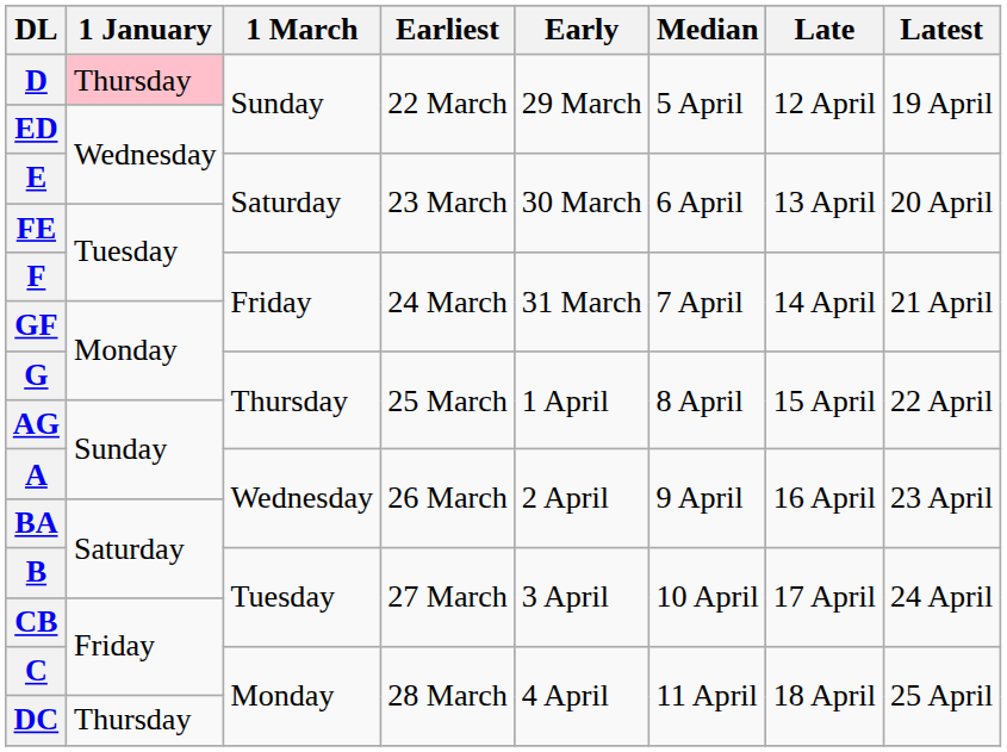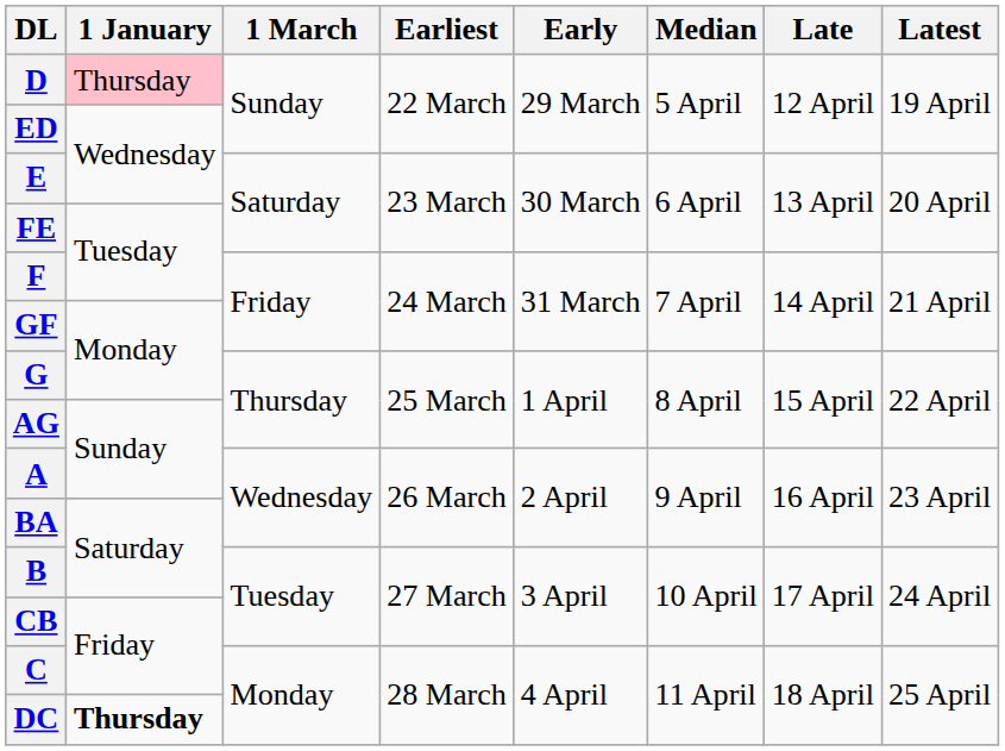 <table class="wikitable">
 <tr>
 <th title="Dominical letter">DL</th>
 <th>1 January</th>
 <th>1 March</th>
 <th>Earliest</th>
 <th>Early</th>
 <th>Median</th>
 <th>Late</th>
 <th>Latest</th>
 </tr>
 <tr>
 <th><a href='#'>D</a></th>
 <td style="background: pink;">Thursday</td>
 <td rowspan=2>Sunday</td>
 <td rowspan=2>22 March</td>
 <td rowspan=2>29 March</td>
 <td rowspan=2>5 April</td>
 <td rowspan=2>12 April</td>
 <td rowspan=2>19 April</td>
 </tr>
 <tr>
 <th><a href='#'>ED</a></th>
 <td rowspan=2>Wednesday</td>
 </tr>
 <tr>
 <th><a href='#'>E</a></th>
 <td rowspan=2>Saturday</td>
 <td rowspan=2>23 March</td>
 <td rowspan=2>30 March</td>
 <td rowspan=2>6 April</td>
 <td rowspan=2>13 April</td>
 <td rowspan=2>20 April</td>
 </tr>
 <tr>
 <th><a href='#'>FE</a></th>
 <td rowspan=2>Tuesday</td>
 </tr>
 <tr>
 <th><a href='#'>F</a></th>
 <td rowspan=2>Friday</td>
 <td rowspan=2>24 March</td>
 <td rowspan=2>31 March</td>
 <td rowspan=2>7 April</td>
 <td rowspan=2>14 April</td>
 <td rowspan=2>21 April</td>
 </tr>
 <tr>
 <th><a href='#'>GF</a></th>
 <td rowspan=2>Monday</td>
 </tr>
 <tr>
 <th><a href='#'>G</a></th>
 <td rowspan=2>Thursday</td>
 <td rowspan=2>25 March</td>
 <td rowspan=2>1 April</td>
 <td rowspan=2>8 April</td>
 <td rowspan=2>15 April</td>
 <td rowspan=2>22 April</td>
 </tr>
 <tr>
 <th><a href='#'>AG</a></th>
 <td rowspan=2>Sunday</td>
 </tr>
 <tr>
 <th><a href='#'>A</a></th>
 <td rowspan=2>Wednesday</td>
 <td rowspan=2>26 March</td>
 <td rowspan=2>2 April</td>
 <td rowspan=2>9 April</td>
 <td rowspan=2>16 April</td>
 <td rowspan=2>23 April</td>
 </tr>
 <tr>
 <th><a href='#'>BA</a></th>
 <td rowspan=2>Saturday</td>
 </tr>
 <tr>
 <th><a href='#'>B</a></th>
 <td rowspan=2>Tuesday</td>
 <td rowspan=2>27 March</td>
 <td rowspan=2>3 April</td>
 <td rowspan=2>10 April</td>
 <td rowspan=2>17 April</td>
 <td rowspan=2>24 April</td>
 </tr>
 <tr>
 <th><a href='#'>CB</a></th>
 <td rowspan=2>Friday</td>
 </tr>
 <tr>
 <th><a href='#'>C</a></th>
 <td rowspan=2>Monday</td>
 <td rowspan=2>28 March</td>
 <td rowspan=2>4 April</td>
 <td rowspan=2>11 April</td>
 <td rowspan=2>18 April</td>
 <td rowspan=2>25 April</td>
 </tr>
 <tr>
 <th><a href='#'>DC</a></th>
-<td>Thursday</td>
+<td><strong>Thursday</strong></td>
 </tr>
 </table>
